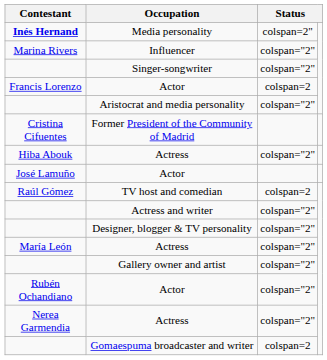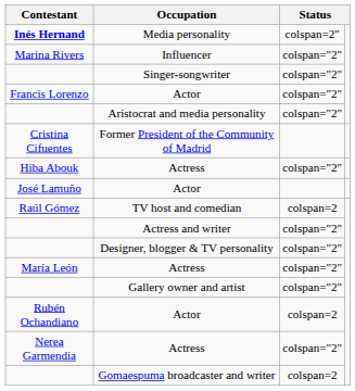 <table class="wikitable" style="margin:auto; text-align:center; width:70%; font-size:95%">
 <tr>
 <th>Contestant</th>
 <th>Occupation</th>
 <th colspan="2">Status</th>
 </tr>
 <tr>
 <td><strong><a href='#'>Inés Hernand</a></strong></td>
 <td>Media personality</td>
 <td>colspan=2" </td>
 </tr>
 <tr>
 <td><a href='#'>Marina Rivers</a></td>
 <td>Influencer</td>
 <td>colspan="2" </td>
 </tr>
 <tr>
 <td></td>
 <td>Singer-songwriter</td>
 <td>colspan="2" </td>
 </tr>
 <tr>
 <td><a href='#'>Francis Lorenzo</a></td>
 <td>Actor</td>
-<td>colspan=2 </td>
+<td>colspan="2" </td>
 </tr>
 <tr>
 <td></td>
 <td>Aristocrat and media personality</td>
 <td>colspan="2" </td>
 </tr>
 <tr>
 <td><a href='#'>Cristina Cifuentes</a></td>
 <td>Former <a href='#'>President of the Community of Madrid</a></td>
 <td></td>
 <td></td>
 </tr>
 <tr>
 <td><a href='#'>Hiba Abouk</a></td>
 <td>Actress</td>
 <td>colspan="2" </td>
 </tr>
 <tr>
 <td><a href='#'>José Lamuño</a></td>
 <td>Actor</td>
 <td></td>
 <td></td>
 </tr>
 <tr>
 <td><a href='#'>Raúl Gómez</a></td>
 <td>TV host and comedian</td>
 <td>colspan=2 </td>
 </tr>
 <tr>
 <td></td>
 <td>Actress and writer</td>
 <td>colspan="2" </td>
 </tr>
 <tr>
 <td></td>
 <td>Designer, blogger & TV personality</td>
 <td>colspan="2" </td>
 </tr>
 <tr>
 <td><a href='#'>María León</a></td>
 <td>Actress</td>
 <td>colspan="2" </td>
 </tr>
 <tr>
 <td></td>
 <td>Gallery owner and artist</td>
 <td>colspan="2" </td>
 </tr>
 <tr>
 <td><a href='#'>Rubén Ochandiano</a></td>
 <td>Actor</td>
-<td>colspan="2" </td>
+<td>colspan=2 </td>
 </tr>
 <tr>
 <td><a href='#'>Nerea Garmendia</a></td>
 <td>Actress</td>
 <td>colspan="2" </td>
 </tr>
 <tr>
 <td></td>
 <td><a href='#'>Gomaespuma</a> broadcaster and writer</td>
 <td>colspan=2 </td>
 </tr>
 </table>
